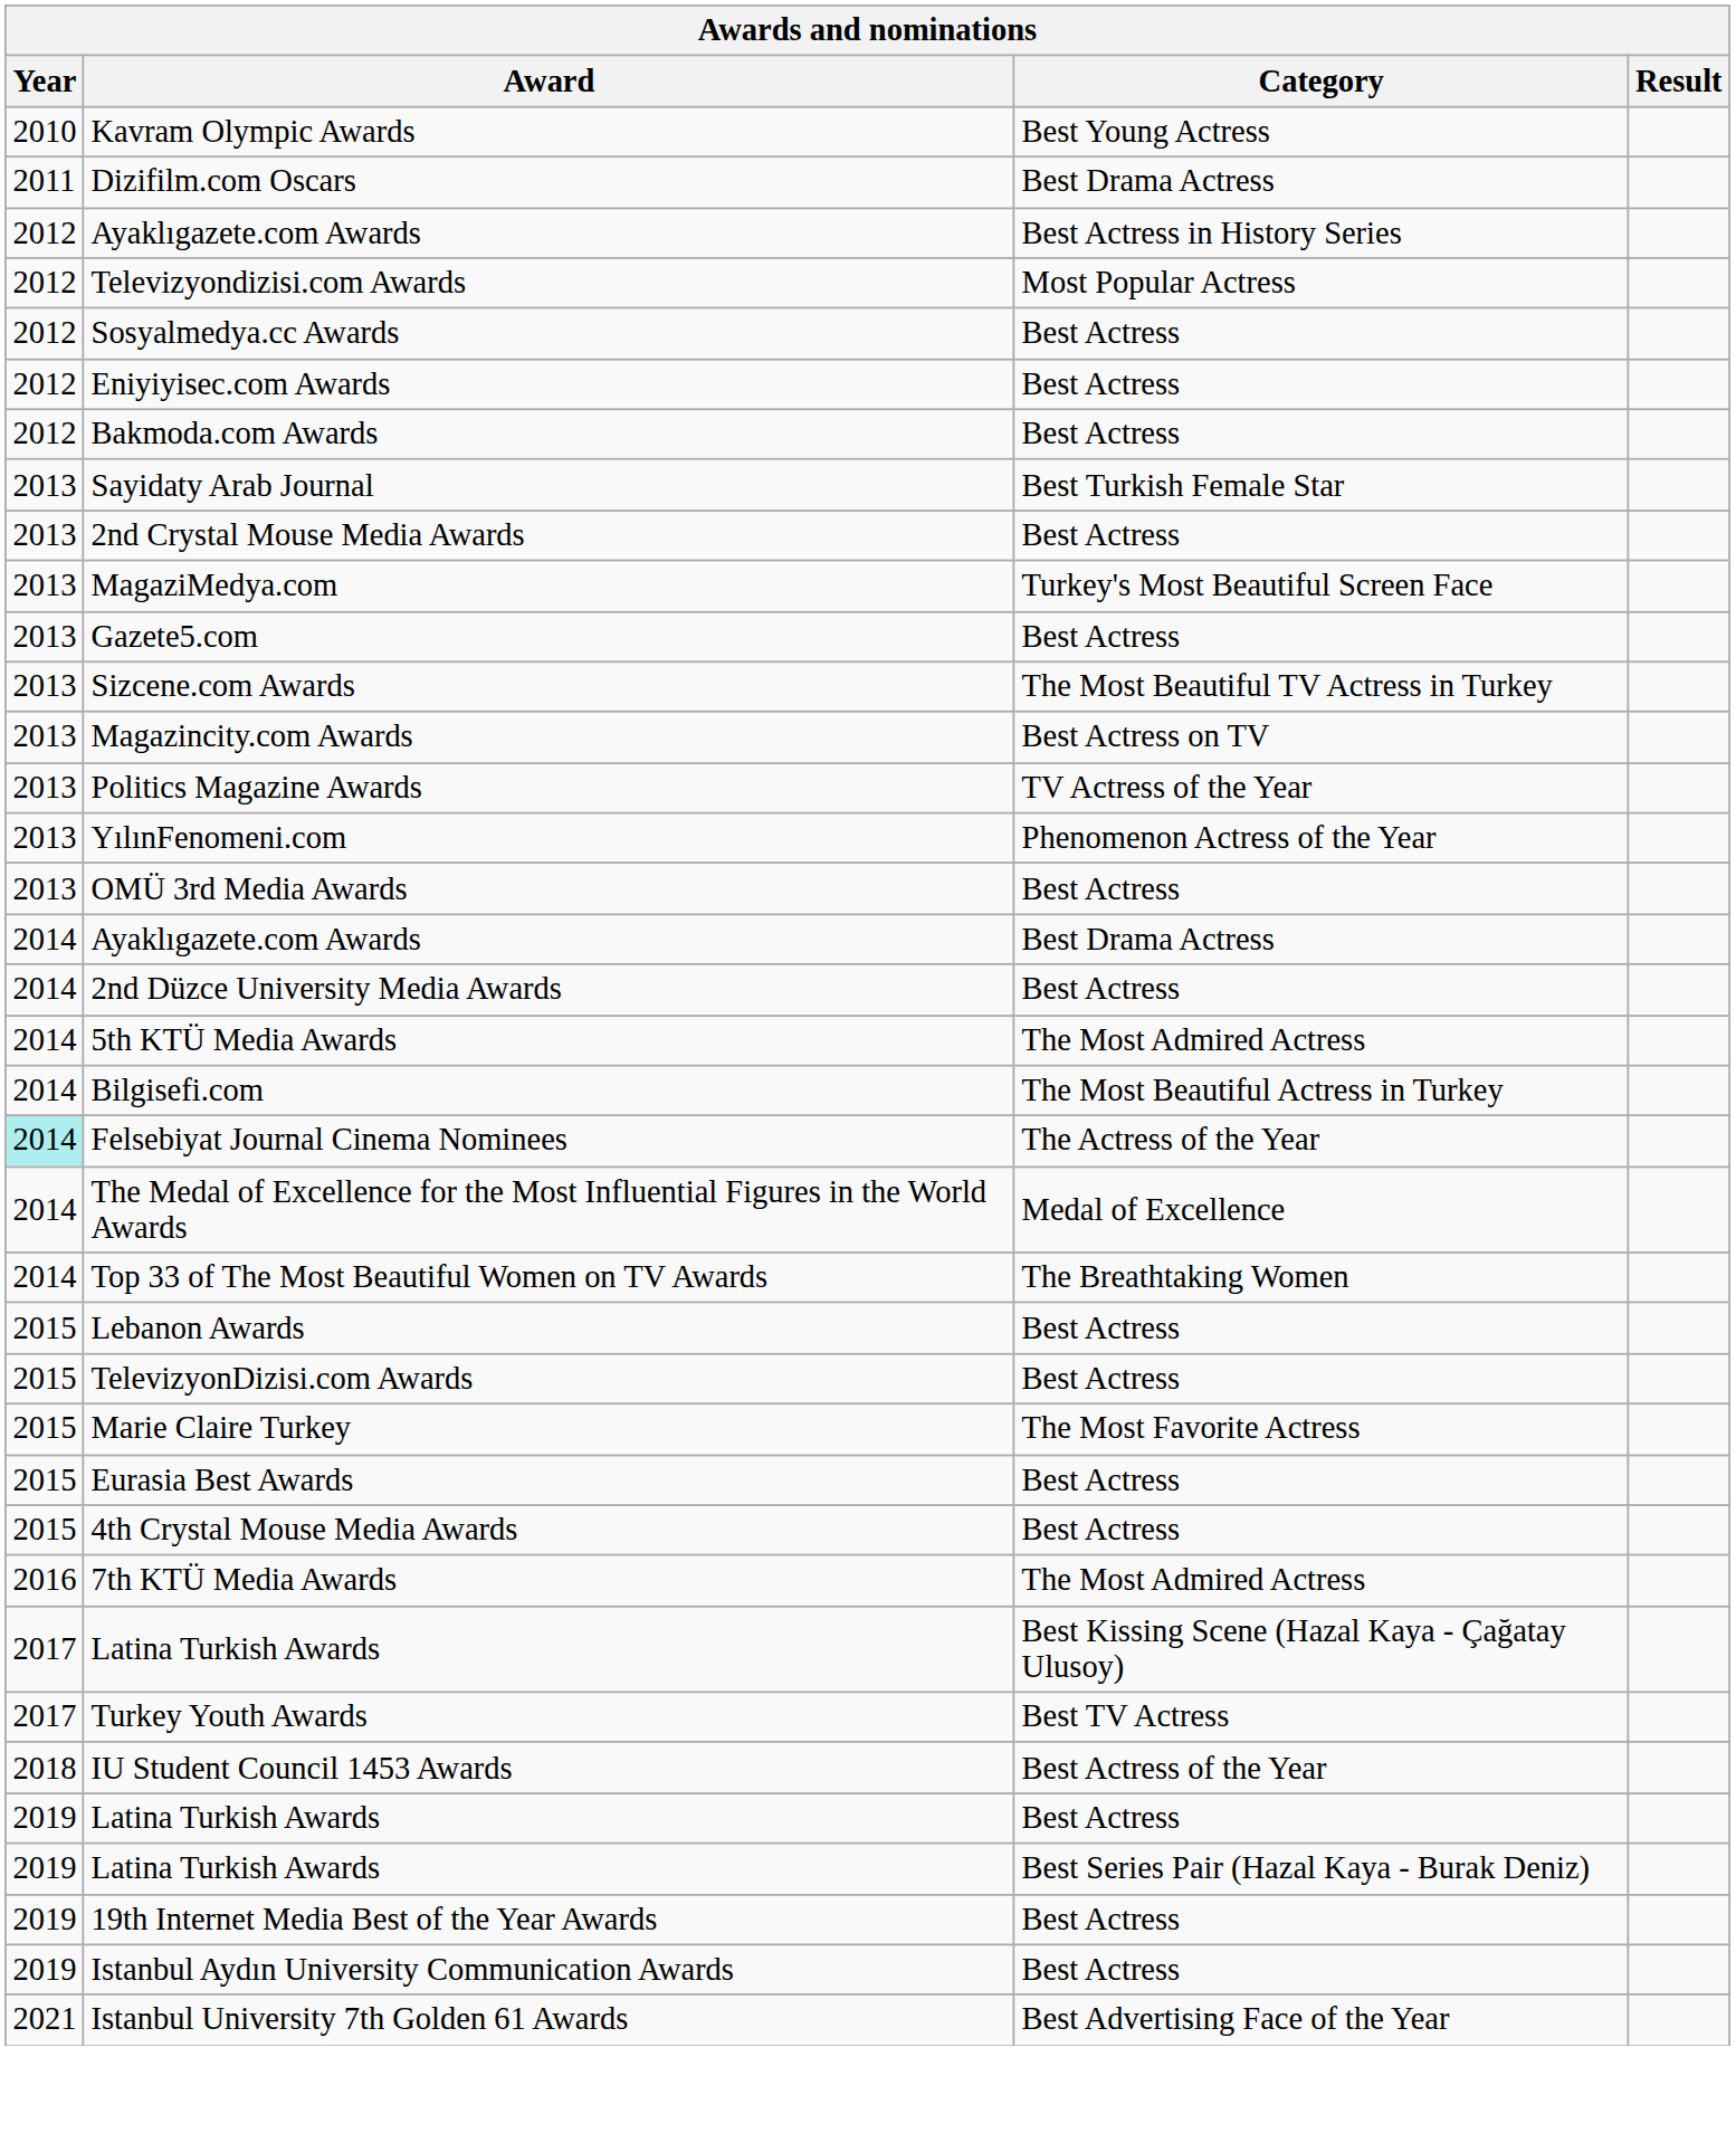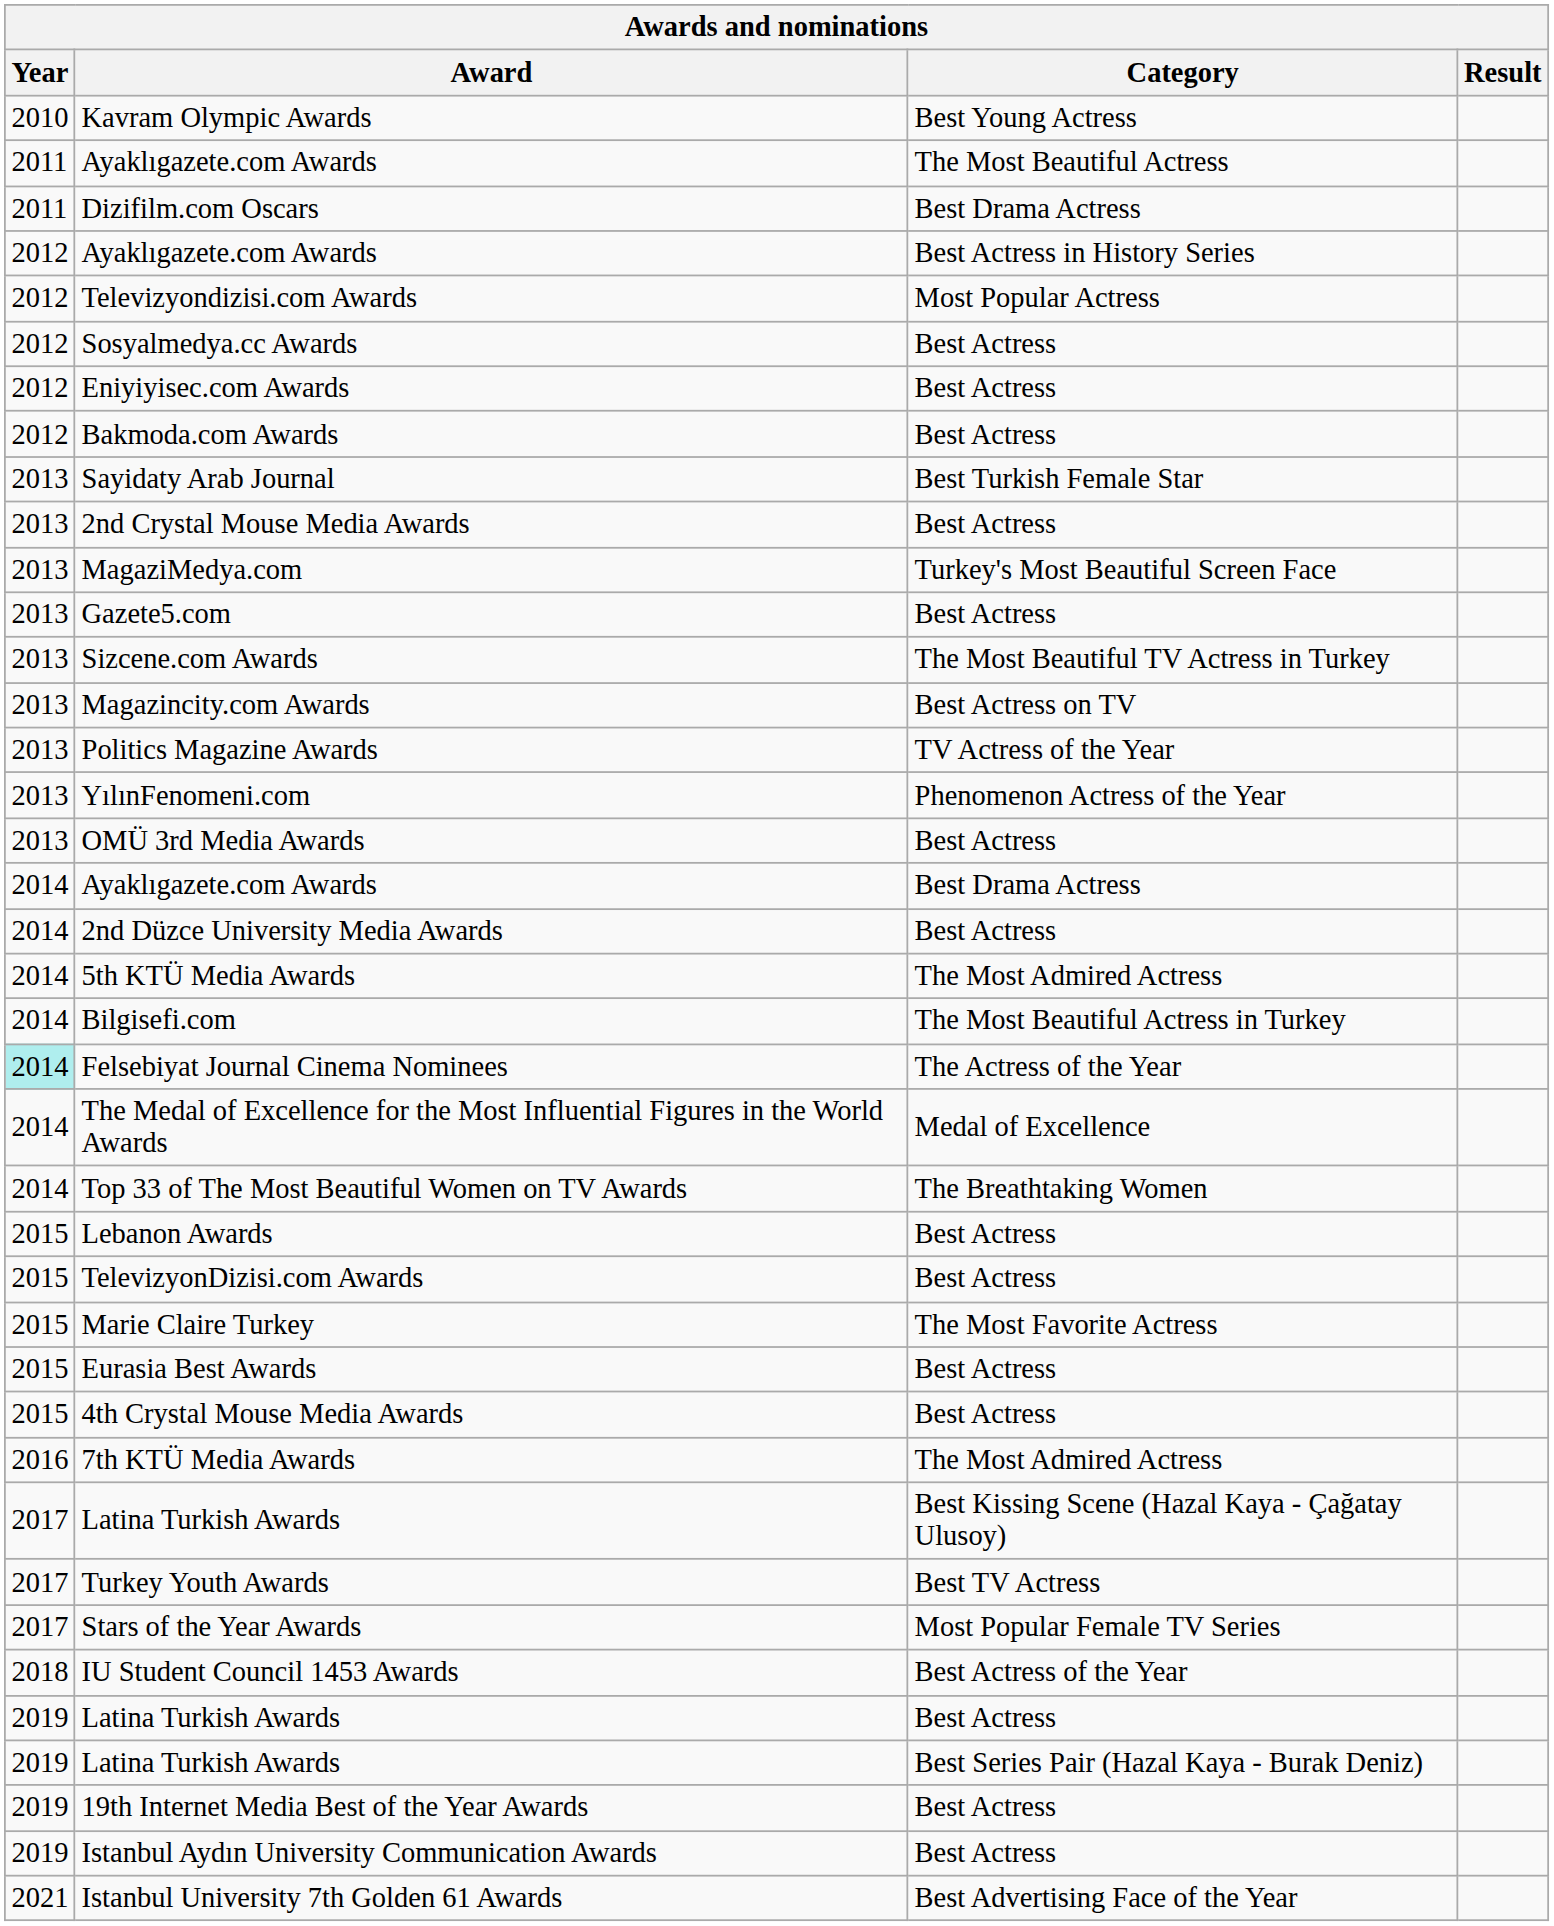 <table class="wikitable">
 <tr>
 <th colspan="4">Awards and nominations</th>
 </tr>
 <tr>
 <th>Year</th>
 <th>Award</th>
 <th>Category</th>
 <th>Result</th>
 </tr>
 <tr>
 <td>2010</td>
 <td>Kavram Olympic Awards</td>
 <td>Best Young Actress</td>
+<td></td>
+</tr>
+<tr>
+<td>2011</td>
+<td>Ayaklıgazete.com Awards</td>
+<td>The Most Beautiful Actress</td>
 <td></td>
 </tr>
 <tr>
 <td>2011</td>
 <td>Dizifilm.com Oscars</td>
 <td>Best Drama Actress</td>
 <td></td>
 </tr>
 <tr>
 <td>2012</td>
 <td>Ayaklıgazete.com Awards</td>
 <td>Best Actress in History Series</td>
 <td></td>
 </tr>
 <tr>
 <td>2012</td>
 <td>Televizyondizisi.com Awards</td>
 <td>Most Popular Actress</td>
 <td></td>
 </tr>
 <tr>
 <td>2012</td>
 <td>Sosyalmedya.cc Awards</td>
 <td>Best Actress</td>
 <td></td>
 </tr>
 <tr>
 <td>2012</td>
 <td>Eniyiyisec.com Awards</td>
 <td>Best Actress</td>
 <td></td>
 </tr>
 <tr>
 <td>2012</td>
 <td>Bakmoda.com Awards</td>
 <td>Best Actress</td>
 <td></td>
 </tr>
 <tr>
 <td>2013</td>
 <td>Sayidaty Arab Journal</td>
 <td>Best Turkish Female Star</td>
 <td></td>
 </tr>
 <tr>
 <td>2013</td>
 <td>2nd Crystal Mouse Media Awards</td>
 <td>Best Actress</td>
 <td></td>
 </tr>
 <tr>
 <td>2013</td>
 <td>MagaziMedya.com</td>
 <td>Turkey's Most Beautiful Screen Face</td>
 <td></td>
 </tr>
 <tr>
 <td>2013</td>
 <td>Gazete5.com</td>
 <td>Best Actress</td>
 <td></td>
 </tr>
 <tr>
 <td>2013</td>
 <td>Sizcene.com Awards</td>
 <td>The Most Beautiful TV Actress in Turkey</td>
 <td></td>
 </tr>
 <tr>
 <td>2013</td>
 <td>Magazincity.com Awards</td>
 <td>Best Actress on TV</td>
 <td></td>
 </tr>
 <tr>
 <td>2013</td>
 <td>Politics Magazine Awards</td>
 <td>TV Actress of the Year</td>
 <td></td>
 </tr>
 <tr>
 <td>2013</td>
 <td>YılınFenomeni.com</td>
 <td>Phenomenon Actress of the Year</td>
 <td></td>
 </tr>
 <tr>
 <td>2013</td>
 <td>OMÜ 3rd Media Awards</td>
 <td>Best Actress</td>
 <td></td>
 </tr>
 <tr>
 <td>2014</td>
 <td>Ayaklıgazete.com Awards</td>
 <td>Best Drama Actress</td>
 <td></td>
 </tr>
 <tr>
 <td>2014</td>
 <td>2nd Düzce University Media Awards</td>
 <td>Best Actress</td>
 <td></td>
 </tr>
 <tr>
 <td>2014</td>
 <td>5th KTÜ Media Awards</td>
 <td>The Most Admired Actress</td>
 <td></td>
 </tr>
 <tr>
 <td>2014</td>
 <td>Bilgisefi.com</td>
 <td>The Most Beautiful Actress in Turkey</td>
 <td></td>
 </tr>
 <tr>
 <td style="background: paleturquoise;">2014</td>
 <td>Felsebiyat Journal Cinema Nominees</td>
 <td>The Actress of the Year</td>
 <td></td>
 </tr>
 <tr>
 <td>2014</td>
 <td>The Medal of Excellence for the Most Influential Figures in the World Awards</td>
 <td>Medal of Excellence</td>
 <td></td>
 </tr>
 <tr>
 <td>2014</td>
 <td>Top 33 of The Most Beautiful Women on TV Awards</td>
 <td>The Breathtaking Women</td>
 <td></td>
 </tr>
 <tr>
 <td>2015</td>
 <td>Lebanon Awards</td>
 <td>Best Actress</td>
 <td></td>
 </tr>
 <tr>
 <td>2015</td>
 <td>TelevizyonDizisi.com Awards</td>
 <td>Best Actress</td>
 <td></td>
 </tr>
 <tr>
 <td>2015</td>
 <td>Marie Claire Turkey</td>
 <td>The Most Favorite Actress</td>
 <td></td>
 </tr>
 <tr>
 <td>2015</td>
 <td>Eurasia Best Awards</td>
 <td>Best Actress</td>
 <td></td>
 </tr>
 <tr>
 <td>2015</td>
 <td>4th Crystal Mouse Media Awards</td>
 <td>Best Actress</td>
 <td></td>
 </tr>
 <tr>
 <td>2016</td>
 <td>7th KTÜ Media Awards</td>
 <td>The Most Admired Actress</td>
 <td></td>
 </tr>
 <tr>
 <td>2017</td>
 <td>Latina Turkish Awards</td>
 <td>Best Kissing Scene (Hazal Kaya - Çağatay Ulusoy)</td>
 <td></td>
 </tr>
 <tr>
 <td>2017</td>
 <td>Turkey Youth Awards</td>
 <td>Best TV Actress</td>
 <td></td>
 </tr>
 <tr>
+<td>2017</td>
+<td>Stars of the Year Awards</td>
+<td>Most Popular Female TV Series</td>
+<td></td>
+</tr>
+<tr>
 <td>2018</td>
 <td>IU Student Council 1453 Awards</td>
 <td>Best Actress of the Year</td>
 <td></td>
 </tr>
 <tr>
 <td>2019</td>
 <td>Latina Turkish Awards</td>
 <td>Best Actress</td>
 <td></td>
 </tr>
 <tr>
 <td>2019</td>
 <td>Latina Turkish Awards</td>
 <td>Best Series Pair (Hazal Kaya - Burak Deniz)</td>
 <td></td>
 </tr>
 <tr>
 <td>2019</td>
 <td>19th Internet Media Best of the Year Awards</td>
 <td>Best Actress</td>
 <td></td>
 </tr>
 <tr>
 <td>2019</td>
 <td>Istanbul Aydın University Communication Awards</td>
 <td>Best Actress</td>
 <td></td>
 </tr>
 <tr>
 <td>2021</td>
 <td>Istanbul University 7th Golden 61 Awards</td>
 <td>Best Advertising Face of the Year</td>
 <td></td>
 </tr>
 </table>
